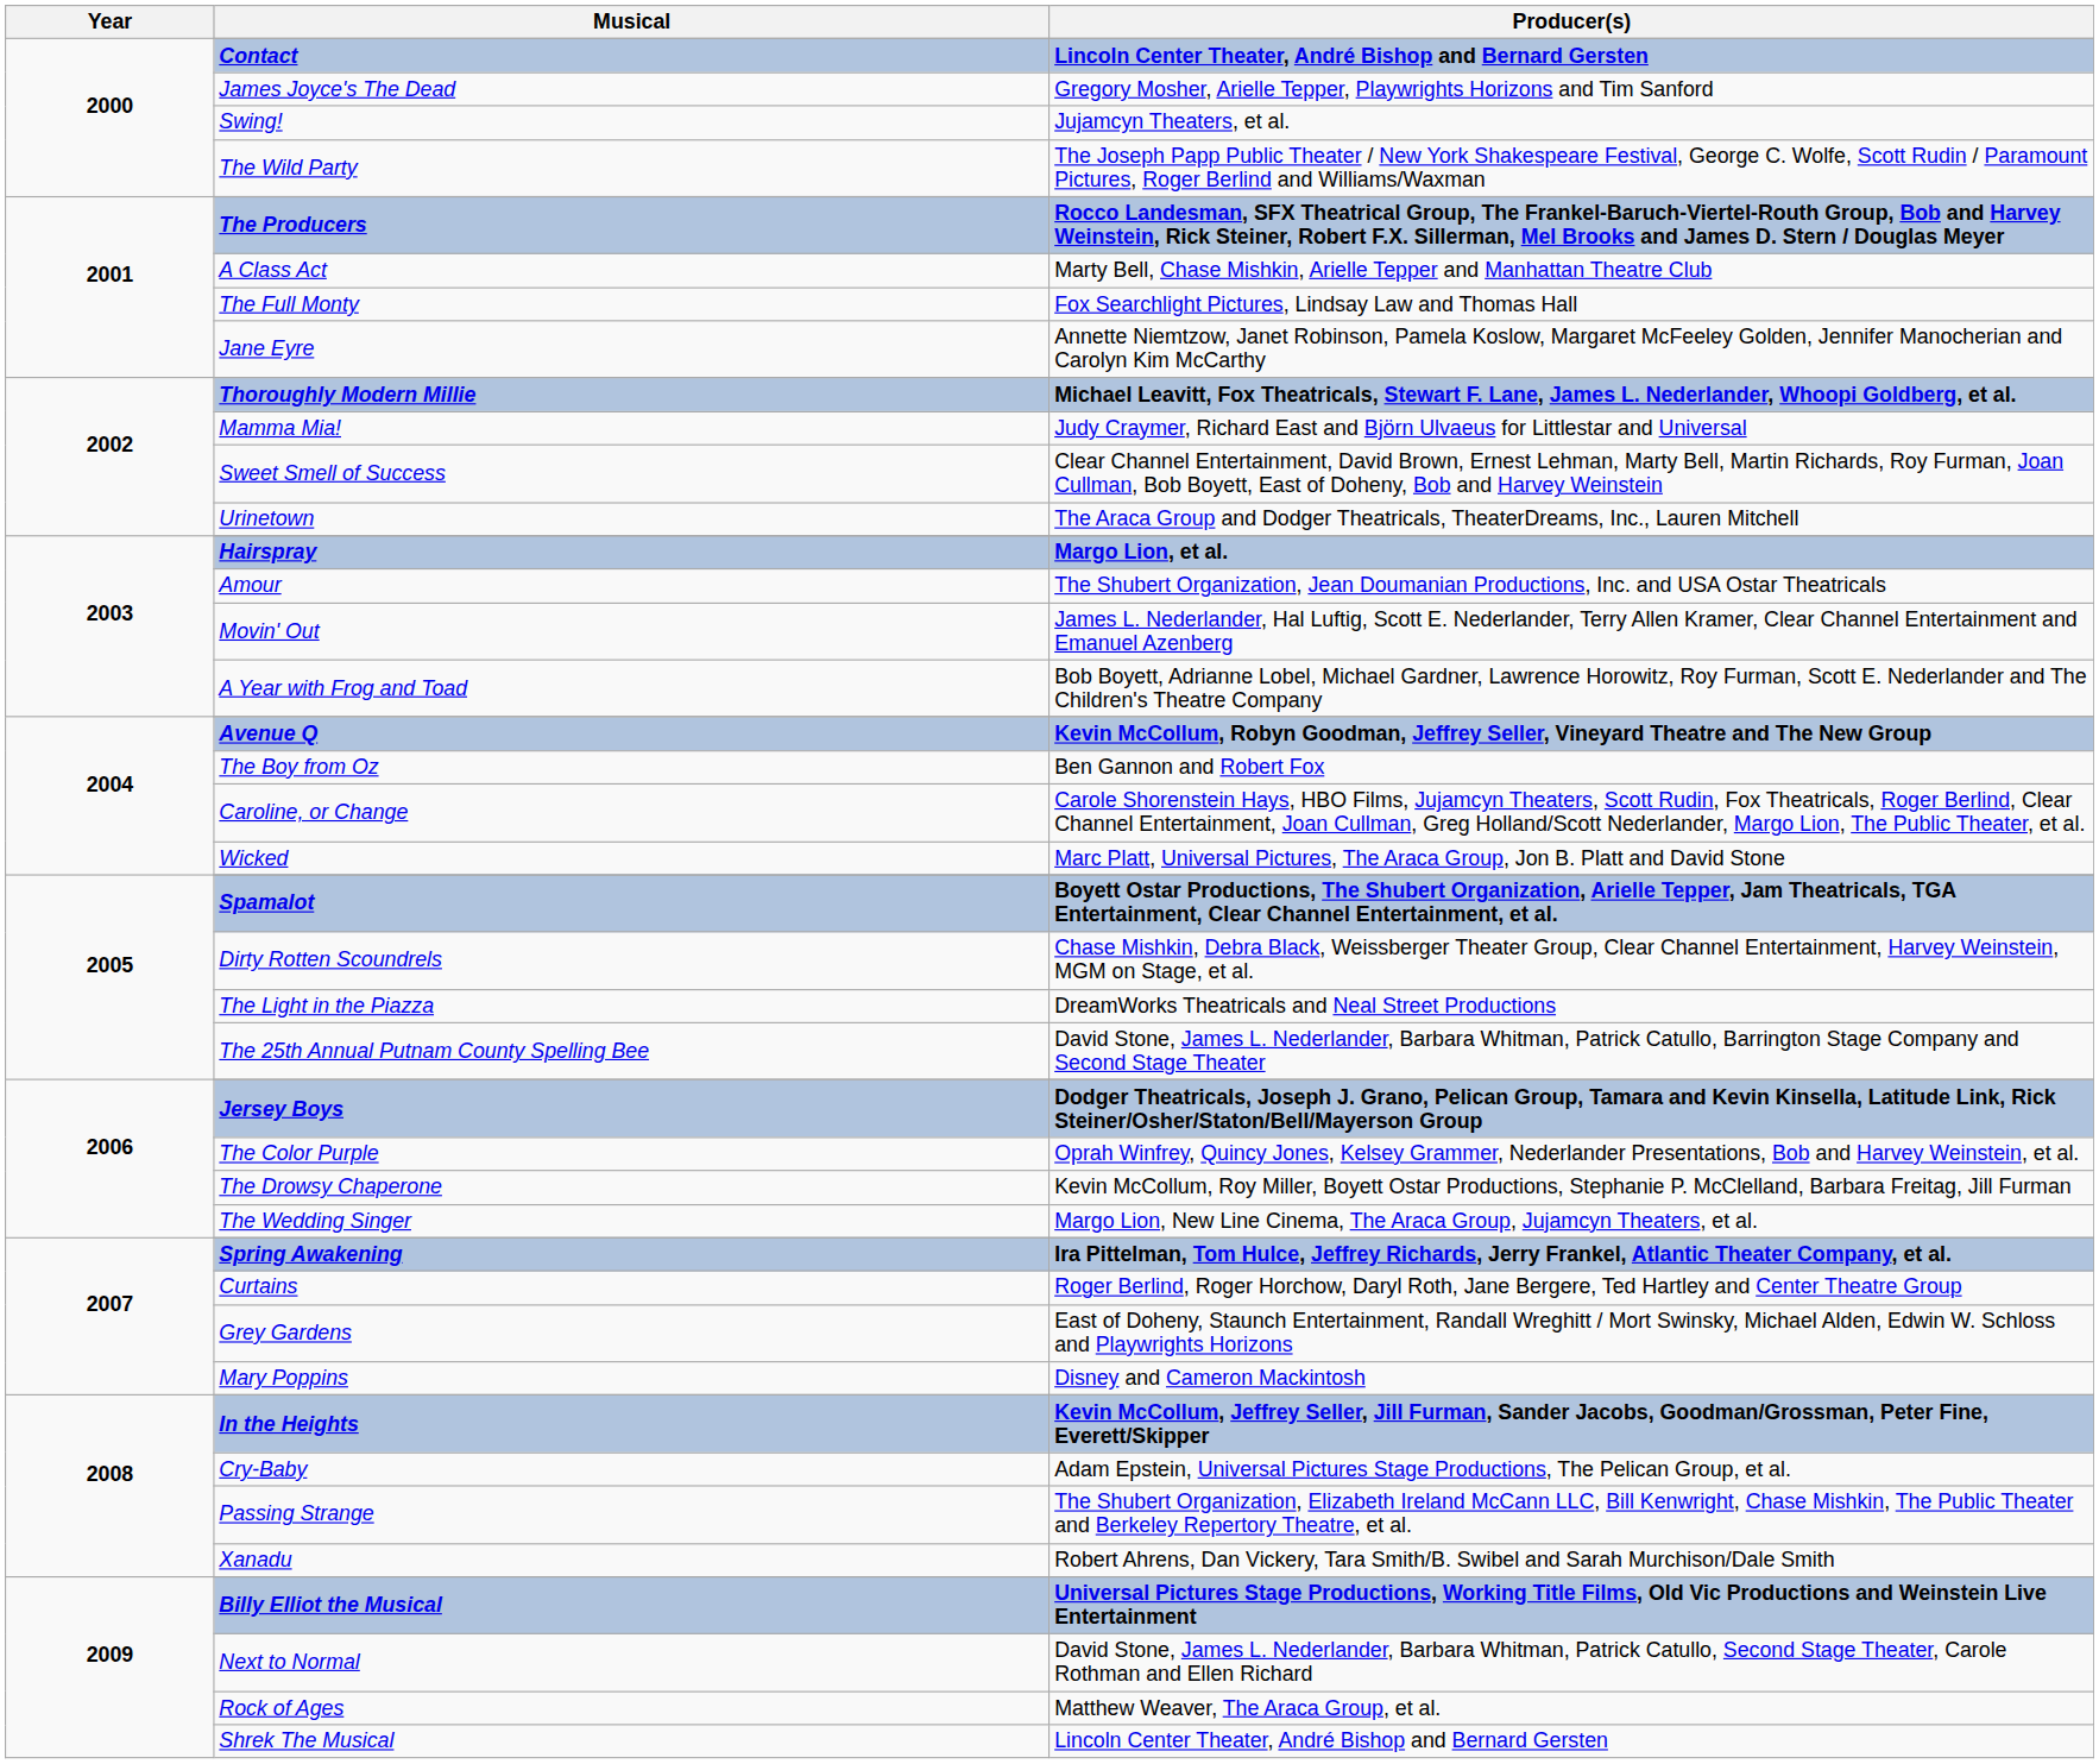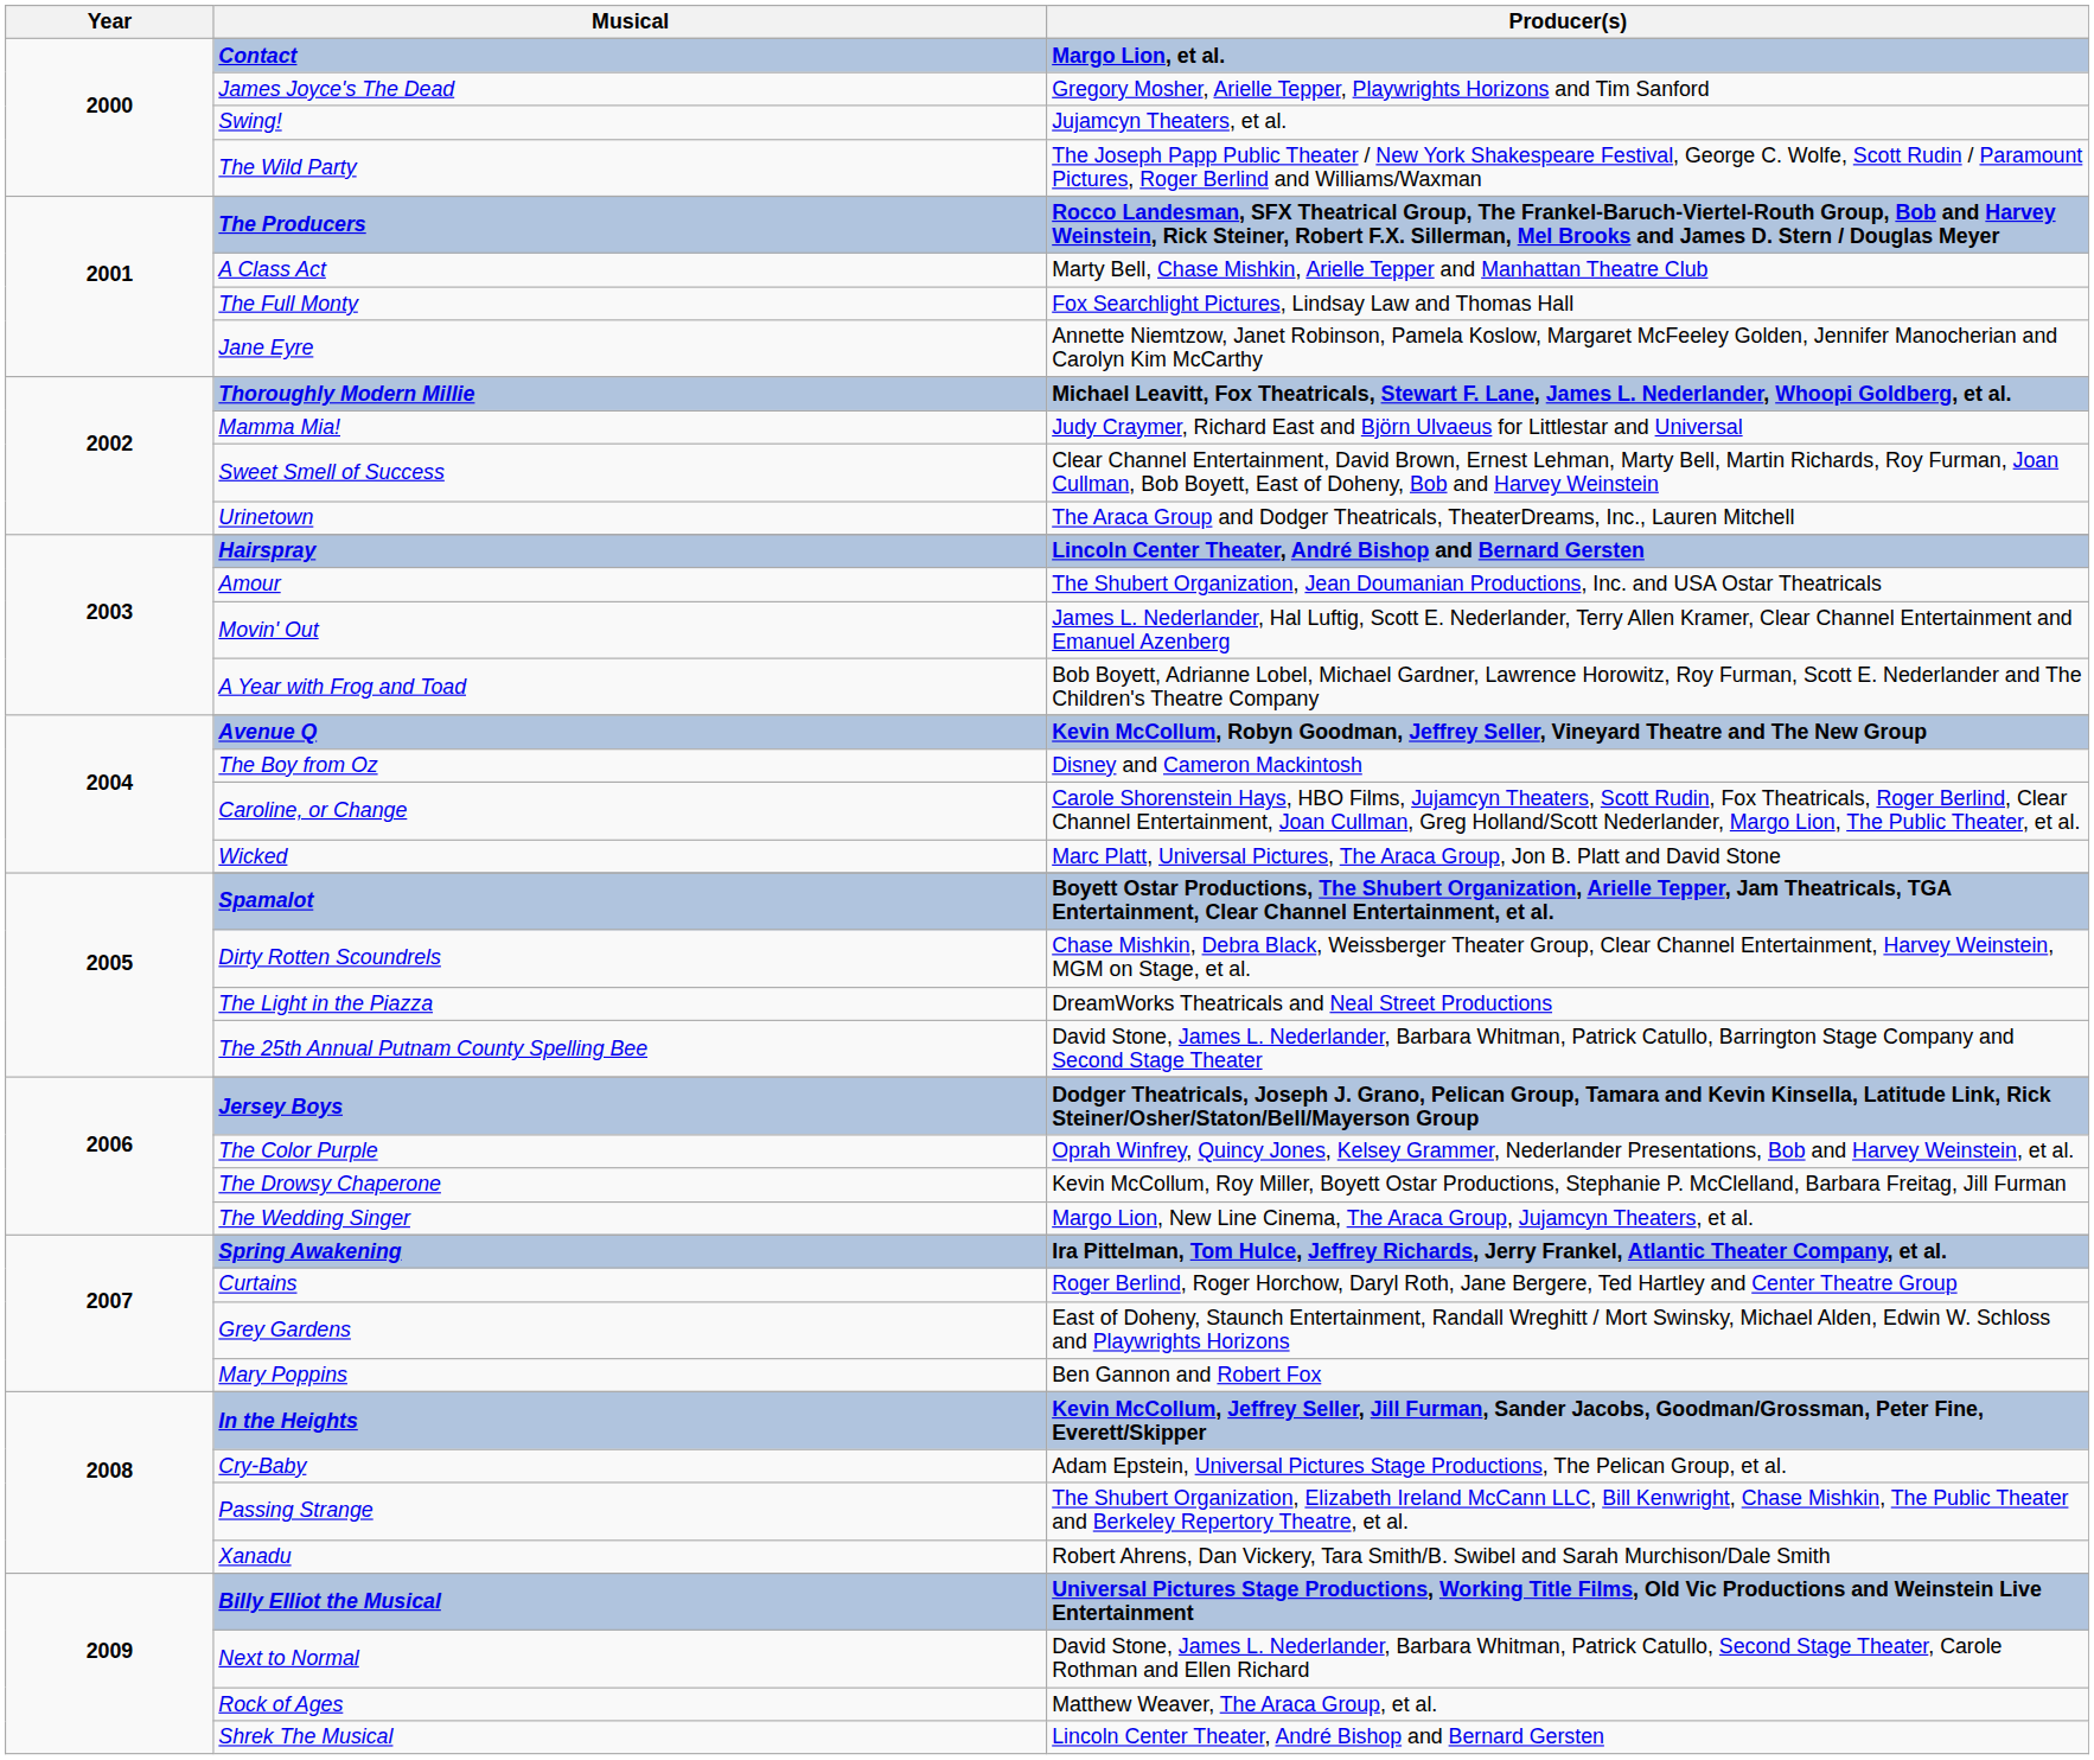 <table class="wikitable" style="width:100%;">
 <tr style="background:#bebebe;">
 <th style="width:10%;">Year</th>
 <th style="width:40%;">Musical</th>
 <th style="width:50%;">Producer(s)</th>
 </tr>
 <tr>
 <td rowspan="5" align="center"><strong>2000</strong><br><br></td>
 </tr>
 <tr style="background:#B0C4DE">
 <td><em><a href='#'><strong>Contact</strong></a></em><br><strong></strong></td>
-<td><strong><a href='#'>Lincoln Center Theater</a>, <a href='#'>André Bishop</a> and <a href='#'>Bernard Gersten</a></strong></td>
+<td><strong><a href='#'>Margo Lion</a>, et al.</strong></td>
 </tr>
 <tr>
 <td><em><a href='#'>James Joyce's The Dead</a></em><br></td>
 <td><a href='#'>Gregory Mosher</a>, <a href='#'>Arielle Tepper</a>, <a href='#'>Playwrights Horizons</a> and Tim Sanford</td>
 </tr>
 <tr>
 <td><em><a href='#'>Swing!</a></em><br></td>
 <td><a href='#'>Jujamcyn Theaters</a>, et al.</td>
 </tr>
 <tr>
 <td><em><a href='#'>The Wild Party</a></em><br></td>
 <td><a href='#'>The Joseph Papp Public Theater</a> / <a href='#'>New York Shakespeare Festival</a>, George C. Wolfe, <a href='#'>Scott Rudin</a> / <a href='#'>Paramount Pictures</a>, <a href='#'>Roger Berlind</a> and Williams/Waxman</td>
 </tr>
 <tr>
 <td rowspan="5" align="center"><strong>2001</strong><br><br></td>
 </tr>
 <tr style="background:#B0C4DE">
 <td><em><a href='#'><strong>The Producers</strong></a></em><br><strong></strong></td>
 <td><strong><a href='#'>Rocco Landesman</a>, SFX Theatrical Group, The Frankel-Baruch-Viertel-Routh Group, <a href='#'>Bob</a> and <a href='#'>Harvey Weinstein</a>, Rick Steiner, Robert F.X. Sillerman, <a href='#'>Mel Brooks</a> and James D. Stern / Douglas Meyer</strong></td>
 </tr>
 <tr>
 <td><em><a href='#'>A Class Act</a></em><br></td>
 <td>Marty Bell, <a href='#'>Chase Mishkin</a>, <a href='#'>Arielle Tepper</a> and <a href='#'>Manhattan Theatre Club</a></td>
 </tr>
 <tr>
 <td><em><a href='#'>The Full Monty</a></em><br></td>
 <td><a href='#'>Fox Searchlight Pictures</a>, Lindsay Law and Thomas Hall</td>
 </tr>
 <tr>
 <td><em><a href='#'>Jane Eyre</a></em><br></td>
 <td>Annette Niemtzow, Janet Robinson, Pamela Koslow, Margaret McFeeley Golden, Jennifer Manocherian and Carolyn Kim McCarthy</td>
 </tr>
 <tr>
 <td rowspan="5" align="center"><strong>2002</strong><br><br></td>
 </tr>
 <tr style="background:#B0C4DE">
 <td><em><a href='#'><strong>Thoroughly Modern Millie</strong></a></em><br><strong></strong></td>
 <td><strong>Michael Leavitt, Fox Theatricals, <a href='#'>Stewart F. Lane</a>, <a href='#'>James L. Nederlander</a>, <a href='#'>Whoopi Goldberg</a>, et al.</strong></td>
 </tr>
 <tr>
 <td><em><a href='#'>Mamma Mia!</a></em><br></td>
 <td><a href='#'>Judy Craymer</a>, Richard East and <a href='#'>Björn Ulvaeus</a> for Littlestar and <a href='#'>Universal</a></td>
 </tr>
 <tr>
 <td><em><a href='#'>Sweet Smell of Success</a></em><br></td>
 <td>Clear Channel Entertainment, David Brown, Ernest Lehman, Marty Bell, Martin Richards, Roy Furman, <a href='#'>Joan Cullman</a>, Bob Boyett, East of Doheny, <a href='#'>Bob</a> and <a href='#'>Harvey Weinstein</a></td>
 </tr>
 <tr>
 <td><em><a href='#'>Urinetown</a></em><br></td>
 <td><a href='#'>The Araca Group</a> and Dodger Theatricals, TheaterDreams, Inc., Lauren Mitchell</td>
 </tr>
 <tr>
 <td rowspan="5" align="center"><strong>2003</strong><br><br></td>
 </tr>
 <tr style="background:#B0C4DE">
 <td><em><a href='#'><strong>Hairspray</strong></a></em><br><strong></strong></td>
-<td><strong><a href='#'>Margo Lion</a>, et al.</strong></td>
+<td><strong><a href='#'>Lincoln Center Theater</a>, <a href='#'>André Bishop</a> and <a href='#'>Bernard Gersten</a></strong></td>
 </tr>
 <tr>
 <td><em><a href='#'>Amour</a></em><br></td>
 <td><a href='#'>The Shubert Organization</a>, <a href='#'>Jean Doumanian Productions</a>, Inc. and USA Ostar Theatricals</td>
 </tr>
 <tr>
 <td><em><a href='#'>Movin' Out</a></em><br></td>
 <td><a href='#'>James L. Nederlander</a>, Hal Luftig, Scott E. Nederlander, Terry Allen Kramer, Clear Channel Entertainment and <a href='#'>Emanuel Azenberg</a></td>
 </tr>
 <tr>
 <td><em><a href='#'>A Year with Frog and Toad</a></em><br></td>
 <td>Bob Boyett, Adrianne Lobel, Michael Gardner, Lawrence Horowitz, Roy Furman, Scott E. Nederlander and The Children's Theatre Company</td>
 </tr>
 <tr>
 <td rowspan="5" align="center"><strong>2004</strong><br><br></td>
 </tr>
 <tr style="background:#B0C4DE">
 <td><strong><em><a href='#'>Avenue Q</a></em></strong><br><strong></strong></td>
 <td><strong><a href='#'>Kevin McCollum</a>, Robyn Goodman, <a href='#'>Jeffrey Seller</a>, Vineyard Theatre and The New Group</strong></td>
 </tr>
 <tr>
 <td><em><a href='#'>The Boy from Oz</a></em><br></td>
-<td>Ben Gannon and <a href='#'>Robert Fox</a></td>
+<td><a href='#'>Disney</a> and <a href='#'>Cameron Mackintosh</a></td>
 </tr>
 <tr>
 <td><em><a href='#'>Caroline, or Change</a></em><br></td>
 <td><a href='#'>Carole Shorenstein Hays</a>, HBO Films, <a href='#'>Jujamcyn Theaters</a>, <a href='#'>Scott Rudin</a>, Fox Theatricals, <a href='#'>Roger Berlind</a>, Clear Channel Entertainment, <a href='#'>Joan Cullman</a>, Greg Holland/Scott Nederlander, <a href='#'>Margo Lion</a>, <a href='#'>The Public Theater</a>, et al.</td>
 </tr>
 <tr>
 <td><em><a href='#'>Wicked</a></em><br></td>
 <td><a href='#'>Marc Platt</a>, <a href='#'>Universal Pictures</a>, <a href='#'>The Araca Group</a>, Jon B. Platt and David Stone</td>
 </tr>
 <tr>
 <td rowspan="5" align="center"><strong>2005</strong><br><br></td>
 </tr>
 <tr style="background:#B0C4DE">
 <td><strong><em><a href='#'>Spamalot</a></em></strong><br><strong></strong></td>
 <td><strong>Boyett Ostar Productions, <a href='#'>The Shubert Organization</a>, <a href='#'>Arielle Tepper</a>, Jam Theatricals, TGA Entertainment, Clear Channel Entertainment, et al.</strong></td>
 </tr>
 <tr>
 <td><em><a href='#'>Dirty Rotten Scoundrels</a></em><br></td>
 <td><a href='#'>Chase Mishkin</a>, <a href='#'>Debra Black</a>, Weissberger Theater Group, Clear Channel Entertainment, <a href='#'>Harvey Weinstein</a>, MGM on Stage, et al.</td>
 </tr>
 <tr>
 <td><em><a href='#'>The Light in the Piazza</a></em><br></td>
 <td>DreamWorks Theatricals and <a href='#'>Neal Street Productions</a></td>
 </tr>
 <tr>
 <td><em><a href='#'>The 25th Annual Putnam County Spelling Bee</a></em><br></td>
 <td>David Stone, <a href='#'>James L. Nederlander</a>, Barbara Whitman, Patrick Catullo, Barrington Stage Company and <a href='#'>Second Stage Theater</a></td>
 </tr>
 <tr>
 <td rowspan="5" align="center"><strong>2006</strong><br><br></td>
 </tr>
 <tr style="background:#B0C4DE">
 <td><strong><em><a href='#'>Jersey Boys</a></em></strong><br><strong></strong></td>
 <td><strong>Dodger Theatricals, Joseph J. Grano, Pelican Group, Tamara and Kevin Kinsella, Latitude Link, Rick Steiner/Osher/Staton/Bell/Mayerson Group</strong></td>
 </tr>
 <tr>
 <td><em><a href='#'>The Color Purple</a></em><br></td>
 <td><a href='#'>Oprah Winfrey</a>, <a href='#'>Quincy Jones</a>, <a href='#'>Kelsey Grammer</a>, Nederlander Presentations, <a href='#'>Bob</a> and <a href='#'>Harvey Weinstein</a>, et al.</td>
 </tr>
 <tr>
 <td><em><a href='#'>The Drowsy Chaperone</a></em><br></td>
 <td>Kevin McCollum, Roy Miller, Boyett Ostar Productions, Stephanie P. McClelland, Barbara Freitag, Jill Furman</td>
 </tr>
 <tr>
 <td><em><a href='#'>The Wedding Singer</a></em><br></td>
 <td><a href='#'>Margo Lion</a>, New Line Cinema, <a href='#'>The Araca Group</a>, <a href='#'>Jujamcyn Theaters</a>, et al.</td>
 </tr>
 <tr>
 <td rowspan="5" align="center"><strong>2007</strong><br><br></td>
 </tr>
 <tr style="background:#B0C4DE">
 <td><em><a href='#'><strong>Spring Awakening</strong></a></em><br><strong></strong></td>
 <td><strong>Ira Pittelman, <a href='#'>Tom Hulce</a>, <a href='#'>Jeffrey Richards</a>, Jerry Frankel, <a href='#'>Atlantic Theater Company</a>, et al.</strong></td>
 </tr>
 <tr>
 <td><em><a href='#'>Curtains</a></em><br></td>
 <td><a href='#'>Roger Berlind</a>, Roger Horchow, Daryl Roth, Jane Bergere, Ted Hartley and <a href='#'>Center Theatre Group</a></td>
 </tr>
 <tr>
 <td><em><a href='#'>Grey Gardens</a></em><br></td>
 <td>East of Doheny, Staunch Entertainment, Randall Wreghitt / Mort Swinsky, Michael Alden, Edwin W. Schloss and <a href='#'>Playwrights Horizons</a></td>
 </tr>
 <tr>
 <td><em><a href='#'>Mary Poppins</a></em><br></td>
-<td><a href='#'>Disney</a> and <a href='#'>Cameron Mackintosh</a></td>
+<td>Ben Gannon and <a href='#'>Robert Fox</a></td>
 </tr>
 <tr>
 <td rowspan="5" align="center"><strong>2008</strong><br><br></td>
 </tr>
 <tr style="background:#B0C4DE">
 <td><strong><em><a href='#'>In the Heights</a></em></strong><br><strong></strong></td>
 <td><strong><a href='#'>Kevin McCollum</a>, <a href='#'>Jeffrey Seller</a>, <a href='#'>Jill Furman</a>, Sander Jacobs, Goodman/Grossman, Peter Fine, Everett/Skipper</strong></td>
 </tr>
 <tr>
 <td><em><a href='#'>Cry-Baby</a></em><br></td>
 <td>Adam Epstein, <a href='#'>Universal Pictures Stage Productions</a>, The Pelican Group, et al.</td>
 </tr>
 <tr>
 <td><em><a href='#'>Passing Strange</a></em><br></td>
 <td><a href='#'>The Shubert Organization</a>, <a href='#'>Elizabeth Ireland McCann LLC</a>, <a href='#'>Bill Kenwright</a>, <a href='#'>Chase Mishkin</a>, <a href='#'>The Public Theater</a> and <a href='#'>Berkeley Repertory Theatre</a>, et al.</td>
 </tr>
 <tr>
 <td><em><a href='#'>Xanadu</a></em><br></td>
 <td>Robert Ahrens, Dan Vickery, Tara Smith/B. Swibel and Sarah Murchison/Dale Smith</td>
 </tr>
 <tr>
 <td rowspan="5" align="center"><strong>2009</strong><br><br></td>
 </tr>
 <tr style="background:#B0C4DE">
 <td><strong><em><a href='#'>Billy Elliot the Musical</a></em></strong><br><strong></strong></td>
 <td><strong><a href='#'>Universal Pictures Stage Productions</a>, <a href='#'>Working Title Films</a>, Old Vic Productions and Weinstein Live Entertainment</strong></td>
 </tr>
 <tr>
 <td><em><a href='#'>Next to Normal</a></em> <br></td>
 <td>David Stone, <a href='#'>James L. Nederlander</a>, Barbara Whitman, Patrick Catullo, <a href='#'>Second Stage Theater</a>, Carole Rothman and Ellen Richard</td>
 </tr>
 <tr>
 <td><em><a href='#'>Rock of Ages</a></em><br></td>
 <td>Matthew Weaver, <a href='#'>The Araca Group</a>, et al.</td>
 </tr>
 <tr>
 <td><em><a href='#'>Shrek The Musical</a></em><br></td>
 <td><a href='#'>Lincoln Center Theater</a>, <a href='#'>André Bishop</a> and <a href='#'>Bernard Gersten</a></td>
 </tr>
 </table>
